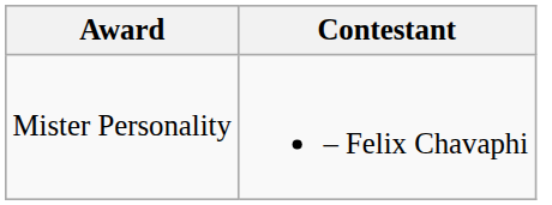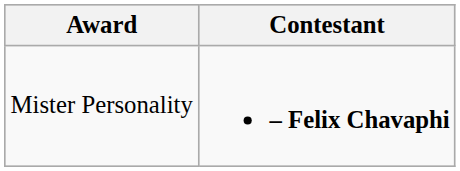 <table class="wikitable sortable" style="font-size:95%;">
 <tr>
 <th>Award</th>
 <th>Contestant</th>
 </tr>
 <tr>
 <td>Mister Personality</td>
-<td><br><ul><li> – Felix Chavaphi</li></ul></td>
+<td><strong><br><ul><li> – Felix Chavaphi</li></ul></strong></td>
 </tr>
 </table>
